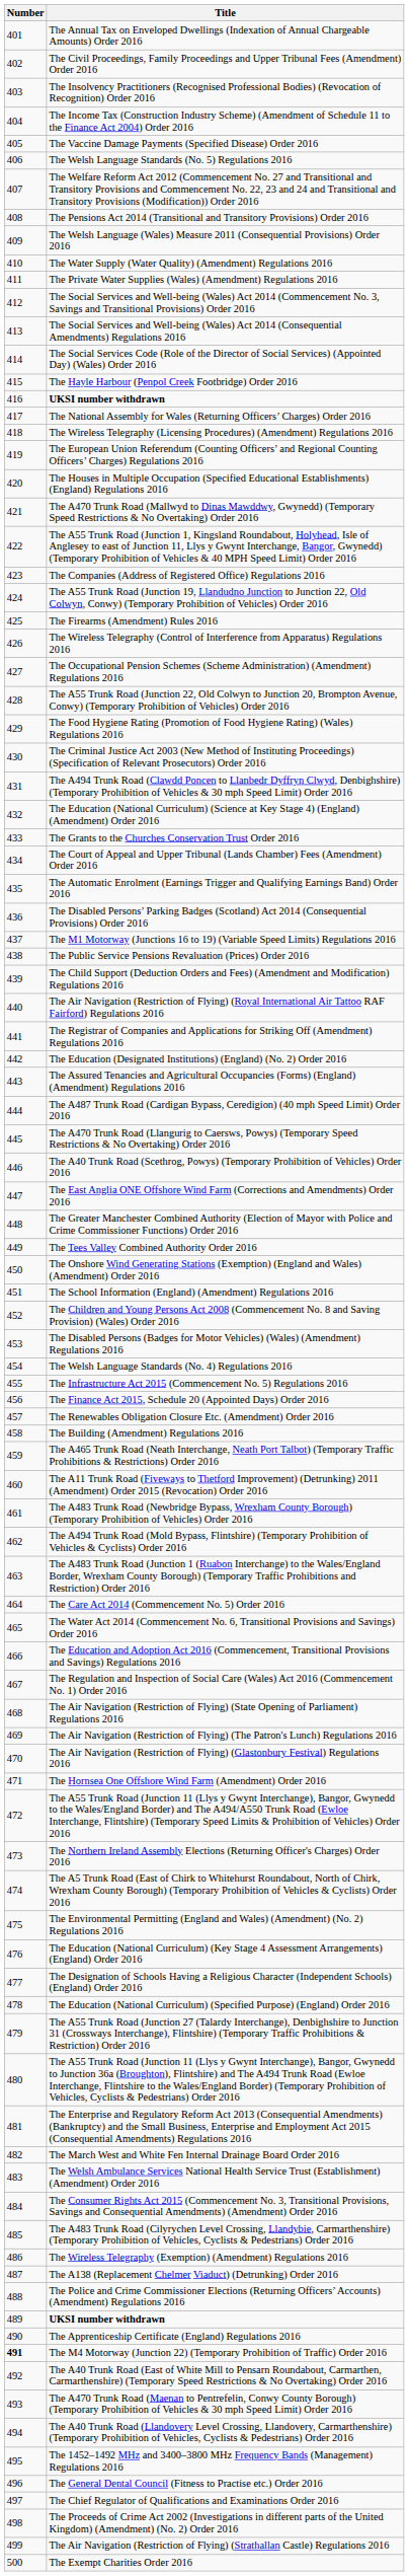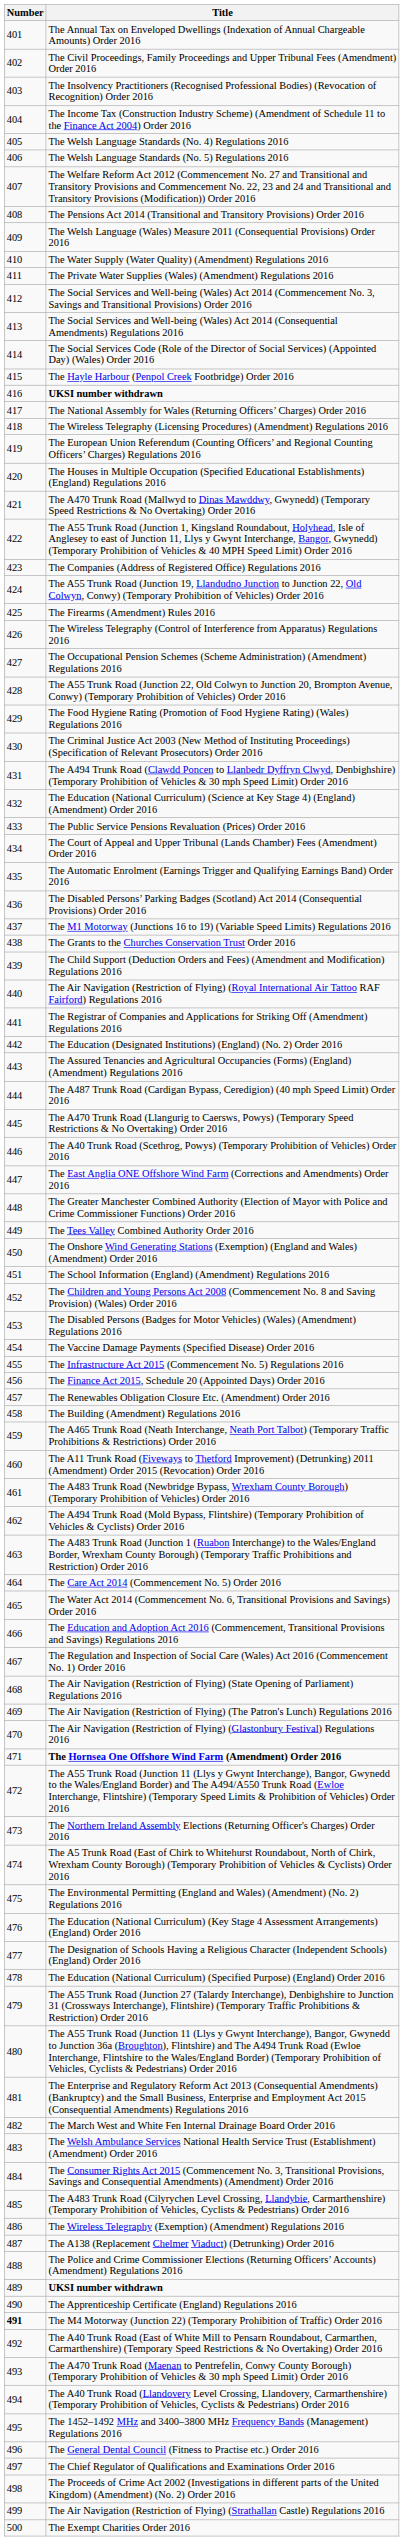 <table class="wikitable collapsible">
 <tr>
 <th>Number</th>
 <th>Title</th>
 </tr>
 <tr>
 <td>401</td>
 <td>The Annual Tax on Enveloped Dwellings (Indexation of Annual Chargeable Amounts) Order 2016</td>
 </tr>
 <tr>
 <td>402</td>
 <td>The Civil Proceedings, Family Proceedings and Upper Tribunal Fees (Amendment) Order 2016</td>
 </tr>
 <tr>
 <td>403</td>
 <td>The Insolvency Practitioners (Recognised Professional Bodies) (Revocation of Recognition) Order 2016</td>
 </tr>
 <tr>
 <td>404</td>
 <td>The Income Tax (Construction Industry Scheme) (Amendment of Schedule 11 to the <a href='#'>Finance Act 2004</a>) Order 2016</td>
 </tr>
 <tr>
 <td>405</td>
-<td>The Vaccine Damage Payments (Specified Disease) Order 2016</td>
+<td>The Welsh Language Standards (No. 4) Regulations 2016</td>
 </tr>
 <tr>
 <td>406</td>
 <td>The Welsh Language Standards (No. 5) Regulations 2016</td>
 </tr>
 <tr>
 <td>407</td>
 <td>The Welfare Reform Act 2012 (Commencement No. 27 and Transitional and Transitory Provisions and Commencement No. 22, 23 and 24 and Transitional and Transitory Provisions (Modification)) Order 2016</td>
 </tr>
 <tr>
 <td>408</td>
 <td>The Pensions Act 2014 (Transitional and Transitory Provisions) Order 2016</td>
 </tr>
 <tr>
 <td>409</td>
 <td>The Welsh Language (Wales) Measure 2011 (Consequential Provisions) Order 2016</td>
 </tr>
 <tr>
 <td>410</td>
 <td>The Water Supply (Water Quality) (Amendment) Regulations 2016</td>
 </tr>
 <tr>
 <td>411</td>
 <td>The Private Water Supplies (Wales) (Amendment) Regulations 2016</td>
 </tr>
 <tr>
 <td>412</td>
 <td>The Social Services and Well-being (Wales) Act 2014 (Commencement No. 3, Savings and Transitional Provisions) Order 2016</td>
 </tr>
 <tr>
 <td>413</td>
 <td>The Social Services and Well-being (Wales) Act 2014 (Consequential Amendments) Regulations 2016</td>
 </tr>
 <tr>
 <td>414</td>
 <td>The Social Services Code (Role of the Director of Social Services) (Appointed Day) (Wales) Order 2016</td>
 </tr>
 <tr>
 <td>415</td>
 <td>The <a href='#'>Hayle Harbour</a> (<a href='#'>Penpol Creek</a> Footbridge) Order 2016</td>
 </tr>
 <tr>
 <td>416</td>
 <td><strong>UKSI number withdrawn</strong></td>
 </tr>
 <tr>
 <td>417</td>
 <td>The National Assembly for Wales (Returning Officers’ Charges) Order 2016</td>
 </tr>
 <tr>
 <td>418</td>
 <td>The Wireless Telegraphy (Licensing Procedures) (Amendment) Regulations 2016</td>
 </tr>
 <tr>
 <td>419</td>
 <td>The European Union Referendum (Counting Officers’ and Regional Counting Officers’ Charges) Regulations 2016</td>
 </tr>
 <tr>
 <td>420</td>
 <td>The Houses in Multiple Occupation (Specified Educational Establishments) (England) Regulations 2016</td>
 </tr>
 <tr>
 <td>421</td>
 <td>The A470 Trunk Road (Mallwyd to <a href='#'>Dinas Mawddwy</a>, Gwynedd) (Temporary Speed Restrictions & No Overtaking) Order 2016</td>
 </tr>
 <tr>
 <td>422</td>
 <td>The A55 Trunk Road (Junction 1, Kingsland Roundabout, <a href='#'>Holyhead</a>, Isle of Anglesey to east of Junction 11, Llys y Gwynt Interchange, <a href='#'>Bangor</a>, Gwynedd) (Temporary Prohibition of Vehicles & 40 MPH Speed Limit) Order 2016</td>
 </tr>
 <tr>
 <td>423</td>
 <td>The Companies (Address of Registered Office) Regulations 2016</td>
 </tr>
 <tr>
 <td>424</td>
 <td>The A55 Trunk Road (Junction 19, <a href='#'>Llandudno Junction</a> to Junction 22, <a href='#'>Old Colwyn</a>, Conwy) (Temporary Prohibition of Vehicles) Order 2016</td>
 </tr>
 <tr>
 <td>425</td>
 <td>The Firearms (Amendment) Rules 2016</td>
 </tr>
 <tr>
 <td>426</td>
 <td>The Wireless Telegraphy (Control of Interference from Apparatus) Regulations 2016</td>
 </tr>
 <tr>
 <td>427</td>
 <td>The Occupational Pension Schemes (Scheme Administration) (Amendment) Regulations 2016</td>
 </tr>
 <tr>
 <td>428</td>
 <td>The A55 Trunk Road (Junction 22, Old Colwyn to Junction 20, Brompton Avenue, Conwy) (Temporary Prohibition of Vehicles) Order 2016</td>
 </tr>
 <tr>
 <td>429</td>
 <td>The Food Hygiene Rating (Promotion of Food Hygiene Rating) (Wales) Regulations 2016</td>
 </tr>
 <tr>
 <td>430</td>
 <td>The Criminal Justice Act 2003 (New Method of Instituting Proceedings) (Specification of Relevant Prosecutors) Order 2016</td>
 </tr>
 <tr>
 <td>431</td>
 <td>The A494 Trunk Road (<a href='#'>Clawdd Poncen</a> to <a href='#'>Llanbedr Dyffryn Clwyd</a>, Denbighshire) (Temporary Prohibition of Vehicles & 30 mph Speed Limit) Order 2016</td>
 </tr>
 <tr>
 <td>432</td>
 <td>The Education (National Curriculum) (Science at Key Stage 4) (England) (Amendment) Order 2016</td>
 </tr>
 <tr>
 <td>433</td>
-<td>The Grants to the <a href='#'>Churches Conservation Trust</a> Order 2016</td>
+<td>The Public Service Pensions Revaluation (Prices) Order 2016</td>
 </tr>
 <tr>
 <td>434</td>
 <td>The Court of Appeal and Upper Tribunal (Lands Chamber) Fees (Amendment) Order 2016</td>
 </tr>
 <tr>
 <td>435</td>
 <td>The Automatic Enrolment (Earnings Trigger and Qualifying Earnings Band) Order 2016</td>
 </tr>
 <tr>
 <td>436</td>
 <td>The Disabled Persons’ Parking Badges (Scotland) Act 2014 (Consequential Provisions) Order 2016</td>
 </tr>
 <tr>
 <td>437</td>
 <td>The <a href='#'>M1 Motorway</a> (Junctions 16 to 19) (Variable Speed Limits) Regulations 2016</td>
 </tr>
 <tr>
 <td>438</td>
-<td>The Public Service Pensions Revaluation (Prices) Order 2016</td>
+<td>The Grants to the <a href='#'>Churches Conservation Trust</a> Order 2016</td>
 </tr>
 <tr>
 <td>439</td>
 <td>The Child Support (Deduction Orders and Fees) (Amendment and Modification) Regulations 2016</td>
 </tr>
 <tr>
 <td>440</td>
 <td>The Air Navigation (Restriction of Flying) (<a href='#'>Royal International Air Tattoo</a> RAF <a href='#'>Fairford</a>) Regulations 2016</td>
 </tr>
 <tr>
 <td>441</td>
 <td>The Registrar of Companies and Applications for Striking Off (Amendment) Regulations 2016</td>
 </tr>
 <tr>
 <td>442</td>
 <td>The Education (Designated Institutions) (England) (No. 2) Order 2016</td>
 </tr>
 <tr>
 <td>443</td>
 <td>The Assured Tenancies and Agricultural Occupancies (Forms) (England) (Amendment) Regulations 2016</td>
 </tr>
 <tr>
 <td>444</td>
 <td>The A487 Trunk Road (Cardigan Bypass, Ceredigion) (40 mph Speed Limit) Order 2016</td>
 </tr>
 <tr>
 <td>445</td>
 <td>The A470 Trunk Road (Llangurig to Caersws, Powys) (Temporary Speed Restrictions & No Overtaking) Order 2016</td>
 </tr>
 <tr>
 <td>446</td>
 <td>The A40 Trunk Road (Scethrog, Powys) (Temporary Prohibition of Vehicles) Order 2016</td>
 </tr>
 <tr>
 <td>447</td>
 <td>The <a href='#'>East Anglia ONE Offshore Wind Farm</a> (Corrections and Amendments) Order 2016</td>
 </tr>
 <tr>
 <td>448</td>
 <td>The Greater Manchester Combined Authority (Election of Mayor with Police and Crime Commissioner Functions) Order 2016</td>
 </tr>
 <tr>
 <td>449</td>
 <td>The <a href='#'>Tees Valley</a> Combined Authority Order 2016</td>
 </tr>
 <tr>
 <td>450</td>
 <td>The Onshore <a href='#'>Wind Generating Stations</a> (Exemption) (England and Wales) (Amendment) Order 2016</td>
 </tr>
 <tr>
 <td>451</td>
 <td>The School Information (England) (Amendment) Regulations 2016</td>
 </tr>
 <tr>
 <td>452</td>
 <td>The <a href='#'>Children and Young Persons Act 2008</a> (Commencement No. 8 and Saving Provision) (Wales) Order 2016</td>
 </tr>
 <tr>
 <td>453</td>
 <td>The Disabled Persons (Badges for Motor Vehicles) (Wales) (Amendment) Regulations 2016</td>
 </tr>
 <tr>
 <td>454</td>
-<td>The Welsh Language Standards (No. 4) Regulations 2016</td>
+<td>The Vaccine Damage Payments (Specified Disease) Order 2016</td>
 </tr>
 <tr>
 <td>455</td>
 <td>The <a href='#'>Infrastructure Act 2015</a> (Commencement No. 5) Regulations 2016</td>
 </tr>
 <tr>
 <td>456</td>
 <td>The <a href='#'>Finance Act 2015</a>, Schedule 20 (Appointed Days) Order 2016</td>
 </tr>
 <tr>
 <td>457</td>
 <td>The Renewables Obligation Closure Etc. (Amendment) Order 2016</td>
 </tr>
 <tr>
 <td>458</td>
 <td>The Building (Amendment) Regulations 2016</td>
 </tr>
 <tr>
 <td>459</td>
 <td>The A465 Trunk Road (Neath Interchange, <a href='#'>Neath Port Talbot</a>) (Temporary Traffic Prohibitions & Restrictions) Order 2016</td>
 </tr>
 <tr>
 <td>460</td>
 <td>The A11 Trunk Road (<a href='#'>Fiveways</a> to <a href='#'>Thetford</a> Improvement) (Detrunking) 2011 (Amendment) Order 2015 (Revocation) Order 2016</td>
 </tr>
 <tr>
 <td>461</td>
 <td>The A483 Trunk Road (Newbridge Bypass, <a href='#'>Wrexham County Borough</a>) (Temporary Prohibition of Vehicles) Order 2016</td>
 </tr>
 <tr>
 <td>462</td>
 <td>The A494 Trunk Road (Mold Bypass, Flintshire) (Temporary Prohibition of Vehicles & Cyclists) Order 2016</td>
 </tr>
 <tr>
 <td>463</td>
 <td>The A483 Trunk Road (Junction 1 (<a href='#'>Ruabon</a> Interchange) to the Wales/England Border, Wrexham County Borough) (Temporary Traffic Prohibitions and Restriction) Order 2016</td>
 </tr>
 <tr>
 <td>464</td>
 <td>The <a href='#'>Care Act 2014</a> (Commencement No. 5) Order 2016</td>
 </tr>
 <tr>
 <td>465</td>
 <td>The Water Act 2014 (Commencement No. 6, Transitional Provisions and Savings) Order 2016</td>
 </tr>
 <tr>
 <td>466</td>
 <td>The <a href='#'>Education and Adoption Act 2016</a> (Commencement, Transitional Provisions and Savings) Regulations 2016</td>
 </tr>
 <tr>
 <td>467</td>
 <td>The Regulation and Inspection of Social Care (Wales) Act 2016 (Commencement No. 1) Order 2016</td>
 </tr>
 <tr>
 <td>468</td>
 <td>The Air Navigation (Restriction of Flying) (State Opening of Parliament) Regulations 2016</td>
 </tr>
 <tr>
 <td>469</td>
 <td>The Air Navigation (Restriction of Flying) (The Patron's Lunch) Regulations 2016</td>
 </tr>
 <tr>
 <td>470</td>
 <td>The Air Navigation (Restriction of Flying) (<a href='#'>Glastonbury Festival</a>) Regulations 2016</td>
 </tr>
 <tr>
 <td>471</td>
-<td>The <a href='#'>Hornsea One Offshore Wind Farm</a> (Amendment) Order 2016</td>
+<td><strong>The <a href='#'>Hornsea One Offshore Wind Farm</a> (Amendment) Order 2016</strong></td>
 </tr>
 <tr>
 <td>472</td>
 <td>The A55 Trunk Road (Junction 11 (Llys y Gwynt Interchange), Bangor, Gwynedd to the Wales/England Border) and The A494/A550 Trunk Road (<a href='#'>Ewloe</a> Interchange, Flintshire) (Temporary Speed Limits & Prohibition of Vehicles) Order 2016</td>
 </tr>
 <tr>
 <td>473</td>
 <td>The <a href='#'>Northern Ireland Assembly</a> Elections (Returning Officer's Charges) Order 2016</td>
 </tr>
 <tr>
 <td>474</td>
 <td>The A5 Trunk Road (East of Chirk to Whitehurst Roundabout, North of Chirk, Wrexham County Borough) (Temporary Prohibition of Vehicles & Cyclists) Order 2016</td>
 </tr>
 <tr>
 <td>475</td>
 <td>The Environmental Permitting (England and Wales) (Amendment) (No. 2) Regulations 2016</td>
 </tr>
 <tr>
 <td>476</td>
 <td>The Education (National Curriculum) (Key Stage 4 Assessment Arrangements) (England) Order 2016</td>
 </tr>
 <tr>
 <td>477</td>
 <td>The Designation of Schools Having a Religious Character (Independent Schools) (England) Order 2016</td>
 </tr>
 <tr>
 <td>478</td>
 <td>The Education (National Curriculum) (Specified Purpose) (England) Order 2016</td>
 </tr>
 <tr>
 <td>479</td>
 <td>The A55 Trunk Road (Junction 27 (Talardy Interchange), Denbighshire to Junction 31 (Crossways Interchange), Flintshire) (Temporary Traffic Prohibitions & Restriction) Order 2016</td>
 </tr>
 <tr>
 <td>480</td>
 <td>The A55 Trunk Road (Junction 11 (Llys y Gwynt Interchange), Bangor, Gwynedd to Junction 36a (<a href='#'>Broughton</a>), Flintshire) and The A494 Trunk Road (Ewloe Interchange, Flintshire to the Wales/England Border) (Temporary Prohibition of Vehicles, Cyclists & Pedestrians) Order 2016</td>
 </tr>
 <tr>
 <td>481</td>
 <td>The Enterprise and Regulatory Reform Act 2013 (Consequential Amendments) (Bankruptcy) and the Small Business, Enterprise and Employment Act 2015 (Consequential Amendments) Regulations 2016</td>
 </tr>
 <tr>
 <td>482</td>
 <td>The March West and White Fen Internal Drainage Board Order 2016</td>
 </tr>
 <tr>
 <td>483</td>
 <td>The <a href='#'>Welsh Ambulance Services</a> National Health Service Trust (Establishment) (Amendment) Order 2016</td>
 </tr>
 <tr>
 <td>484</td>
 <td>The <a href='#'>Consumer Rights Act 2015</a> (Commencement No. 3, Transitional Provisions, Savings and Consequential Amendments) (Amendment) Order 2016</td>
 </tr>
 <tr>
 <td>485</td>
 <td>The A483 Trunk Road (Cilyrychen Level Crossing, <a href='#'>Llandybie</a>, Carmarthenshire) (Temporary Prohibition of Vehicles, Cyclists & Pedestrians) Order 2016</td>
 </tr>
 <tr>
 <td>486</td>
 <td>The <a href='#'>Wireless Telegraphy</a> (Exemption) (Amendment) Regulations 2016</td>
 </tr>
 <tr>
 <td>487</td>
 <td>The A138 (Replacement <a href='#'>Chelmer</a> <a href='#'>Viaduct</a>) (Detrunking) Order 2016</td>
 </tr>
 <tr>
 <td>488</td>
 <td>The Police and Crime Commissioner Elections (Returning Officers’ Accounts) (Amendment) Regulations 2016</td>
 </tr>
 <tr>
 <td>489</td>
 <td><strong>UKSI number withdrawn</strong></td>
 </tr>
 <tr>
 <td>490</td>
 <td>The Apprenticeship Certificate (England) Regulations 2016</td>
 </tr>
 <tr>
 <td><strong>491</strong></td>
 <td>The M4 Motorway (Junction 22) (Temporary Prohibition of Traffic) Order 2016</td>
 </tr>
 <tr>
 <td>492</td>
 <td>The A40 Trunk Road (East of White Mill to Pensarn Roundabout, Carmarthen, Carmarthenshire) (Temporary Speed Restrictions & No Overtaking) Order 2016</td>
 </tr>
 <tr>
 <td>493</td>
 <td>The A470 Trunk Road (<a href='#'>Maenan</a> to Pentrefelin, Conwy County Borough) (Temporary Prohibition of Vehicles & 30 mph Speed Limit) Order 2016</td>
 </tr>
 <tr>
 <td>494</td>
 <td>The A40 Trunk Road (<a href='#'>Llandovery</a> Level Crossing, Llandovery, Carmarthenshire) (Temporary Prohibition of Vehicles, Cyclists & Pedestrians) Order 2016</td>
 </tr>
 <tr>
 <td>495</td>
 <td>The 1452–1492 <a href='#'>MHz</a> and 3400–3800 MHz <a href='#'>Frequency Bands</a> (Management) Regulations 2016</td>
 </tr>
 <tr>
 <td>496</td>
 <td>The <a href='#'>General Dental Council</a> (Fitness to Practise etc.) Order 2016</td>
 </tr>
 <tr>
 <td>497</td>
 <td>The Chief Regulator of Qualifications and Examinations Order 2016</td>
 </tr>
 <tr>
 <td>498</td>
 <td>The Proceeds of Crime Act 2002 (Investigations in different parts of the United Kingdom) (Amendment) (No. 2) Order 2016</td>
 </tr>
 <tr>
 <td>499</td>
 <td>The Air Navigation (Restriction of Flying) (<a href='#'>Strathallan</a> Castle) Regulations 2016</td>
 </tr>
 <tr>
 <td>500</td>
 <td>The Exempt Charities Order 2016</td>
 </tr>
 </table>
